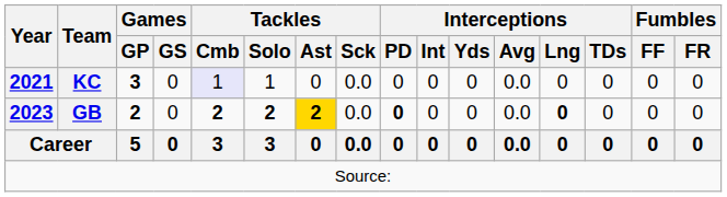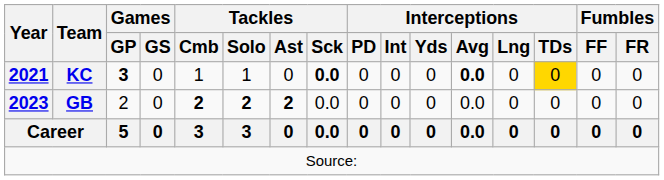 <table class="wikitable" style="text-align: center;">
 <tr>
 <th rowspan="2">Year</th>
 <th rowspan="2">Team</th>
 <th colspan="2">Games</th>
 <th colspan="4">Tackles</th>
 <th colspan="6">Interceptions</th>
 <th colspan="2">Fumbles</th>
 </tr>
 <tr>
 <th>GP</th>
 <th>GS</th>
 <th>Cmb</th>
 <th>Solo</th>
 <th>Ast</th>
 <th>Sck</th>
 <th>PD</th>
 <th>Int</th>
 <th>Yds</th>
 <th>Avg</th>
 <th>Lng</th>
 <th>TDs</th>
 <th>FF</th>
 <th>FR</th>
 </tr>
 <tr>
 <th><a href='#'>2021</a></th>
 <th><a href='#'>KC</a></th>
 <td><strong>3</strong></td>
 <td>0</td>
-<td style="background: lavender;">1</td>
+<td>1</td>
 <td>1</td>
 <td>0</td>
+<td><strong>0.0</strong></td>
+<td>0</td>
+<td>0</td>
+<td>0</td>
+<td><strong>0.0</strong></td>
+<td>0</td>
+<td style="background: gold;">0</td>
+<td>0</td>
+<td>0</td>
+</tr>
+<tr>
+<th><a href='#'>2023</a></th>
+<th><a href='#'>GB</a></th>
+<td>2</td>
+<td>0</td>
+<td><strong>2</strong></td>
+<td><strong>2</strong></td>
+<td><strong>2</strong></td>
 <td>0.0</td>
 <td>0</td>
 <td>0</td>
 <td>0</td>
 <td>0.0</td>
 <td>0</td>
-<td>0</td>
-<td>0</td>
-<td>0</td>
-</tr>
-<tr>
-<th><a href='#'>2023</a></th>
-<th><a href='#'>GB</a></th>
-<td><strong>2</strong></td>
-<td>0</td>
-<td><strong>2</strong></td>
-<td><strong>2</strong></td>
-<td style="background: gold;"><strong>2</strong></td>
-<td>0.0</td>
-<td><strong>0</strong></td>
-<td>0</td>
-<td>0</td>
-<td>0.0</td>
-<td><strong>0</strong></td>
 <td>0</td>
 <td>0</td>
 <td>0</td>
 </tr>
 <tr>
 <th colspan="2">Career</th>
 <th>5</th>
 <th>0</th>
 <th>3</th>
 <th>3</th>
 <th>0</th>
 <th>0.0</th>
 <th>0</th>
 <th>0</th>
 <th>0</th>
 <th>0.0</th>
 <th>0</th>
 <th>0</th>
 <th>0</th>
 <th>0</th>
 </tr>
 <tr>
 <td colspan="17"><small>Source: </small></td>
 </tr>
 </table>
